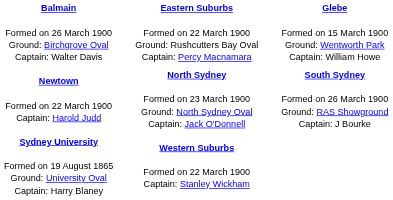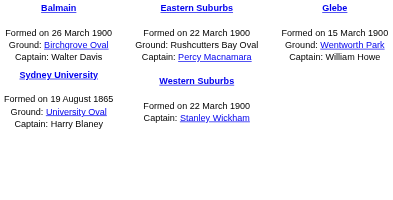 <table class="toccolours" align="center" style="text-valign: center;" cellpadding="3" cellspacing="2">
 <tr>
 <th width="195"></th>
 <th width="195"></th>
 <th width="195"></th>
 </tr>
 <tr>
 <td align="center"><strong><small><a href='#'>Balmain</a></small></strong><br><br><small>Formed on 26 March 1900</small><strong><br></strong> <small>Ground: <a href='#'>Birchgrove Oval</a></small><strong><br></strong> <small>Captain: Walter Davis</small></td>
 <td align="center"><strong><small><a href='#'>Eastern Suburbs</a></small></strong><br><br><small>Formed on 22 March 1900</small><strong><br></strong> <small>Ground: Rushcutters Bay Oval</small><strong><br></strong> <small>Captain: <a href='#'>Percy Macnamara</a></small></td>
 <td align="center"><strong><small><a href='#'>Glebe</a></small></strong><br><br><small>Formed on 15 March 1900</small><strong><br></strong> <small>Ground: <a href='#'>Wentworth Park</a></small><strong><br></strong> <small>Captain: William Howe</small></td>
 </tr>
 <tr>
-<td align="center"><strong><small><a href='#'>Newtown</a></small></strong><br><br><small>Formed on 22 March 1900</small><strong><br></strong> <small>Captain: <a href='#'>Harold Judd</a></small></td>
-<td align="center"><strong><small><a href='#'>North Sydney</a></small></strong><br><br><small>Formed on 23 March 1900</small><strong><br></strong> <small>Ground: <a href='#'>North Sydney Oval</a></small><strong><br></strong> <small>Captain: <a href='#'>Jack O'Donnell</a></small></td>
-<td align="center"><strong><small><a href='#'>South Sydney</a></small></strong><br><br><small>Formed on 26 March 1900</small><strong><br></strong> <small>Ground: <a href='#'>RAS Showground</a></small><strong><br></strong> <small>Captain: J Bourke</small></td>
-</tr>
-<tr>
 <td align="center"><strong><small><a href='#'>Sydney University</a></small></strong><br><br><small>Formed on 19 August 1865</small><strong><br></strong> <small>Ground: <a href='#'>University Oval</a></small><strong><br></strong> <small>Captain: Harry Blaney</small></td>
 <td align="center"><strong><small><a href='#'>Western Suburbs</a></small></strong><br><br><small>Formed on 22 March 1900</small><strong><br></strong> <small>Captain: <a href='#'>Stanley Wickham</a></small></td>
 <td></td>
 </tr>
 </table>
